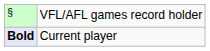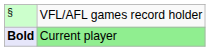 <table class=wikitable>
 <tr>
 <td bgcolor=CCFFCC><sup>§</sup></td>
 <td>VFL/AFL games record holder</td>
 </tr>
 <tr>
 <td bgcolor=E6E6FA><strong>Bold</strong></td>
-<td>Current player</td>
+<td style="background: lightgreen;">Current player</td>
 </tr>
 </table>
